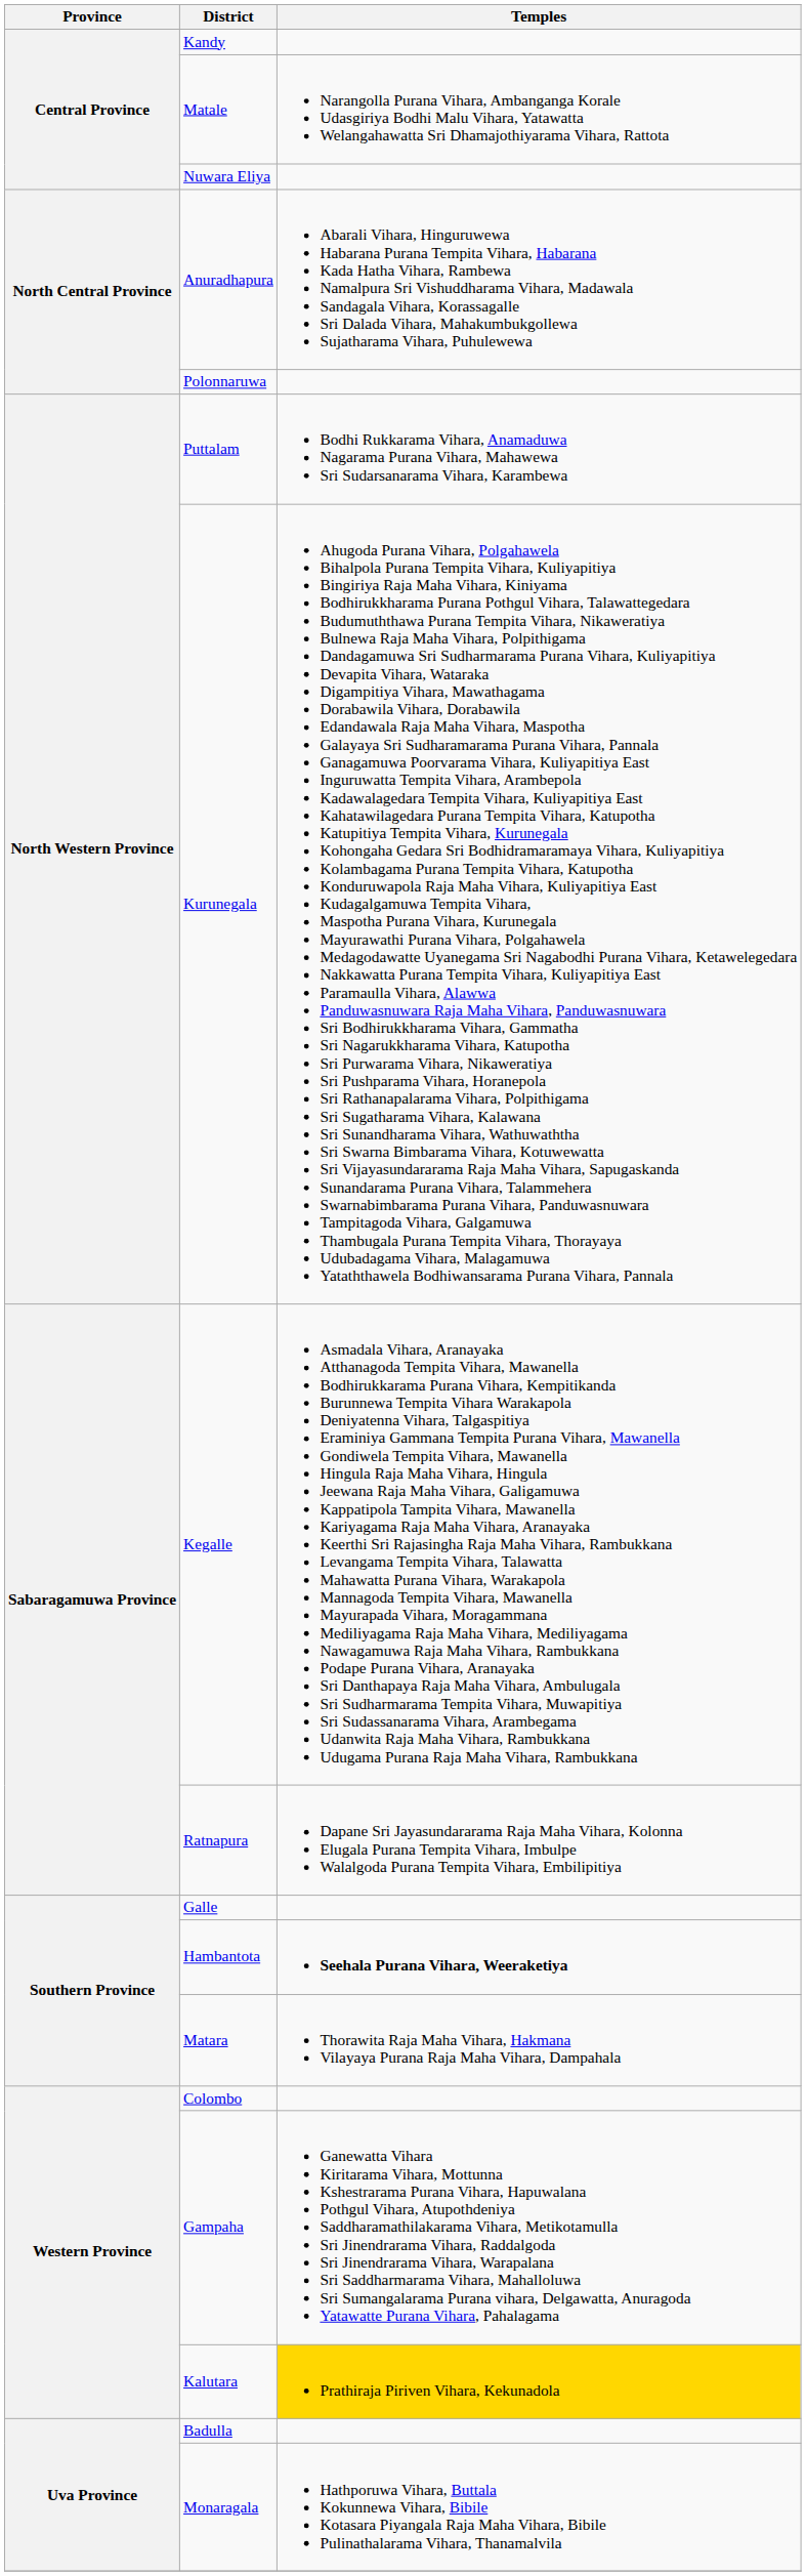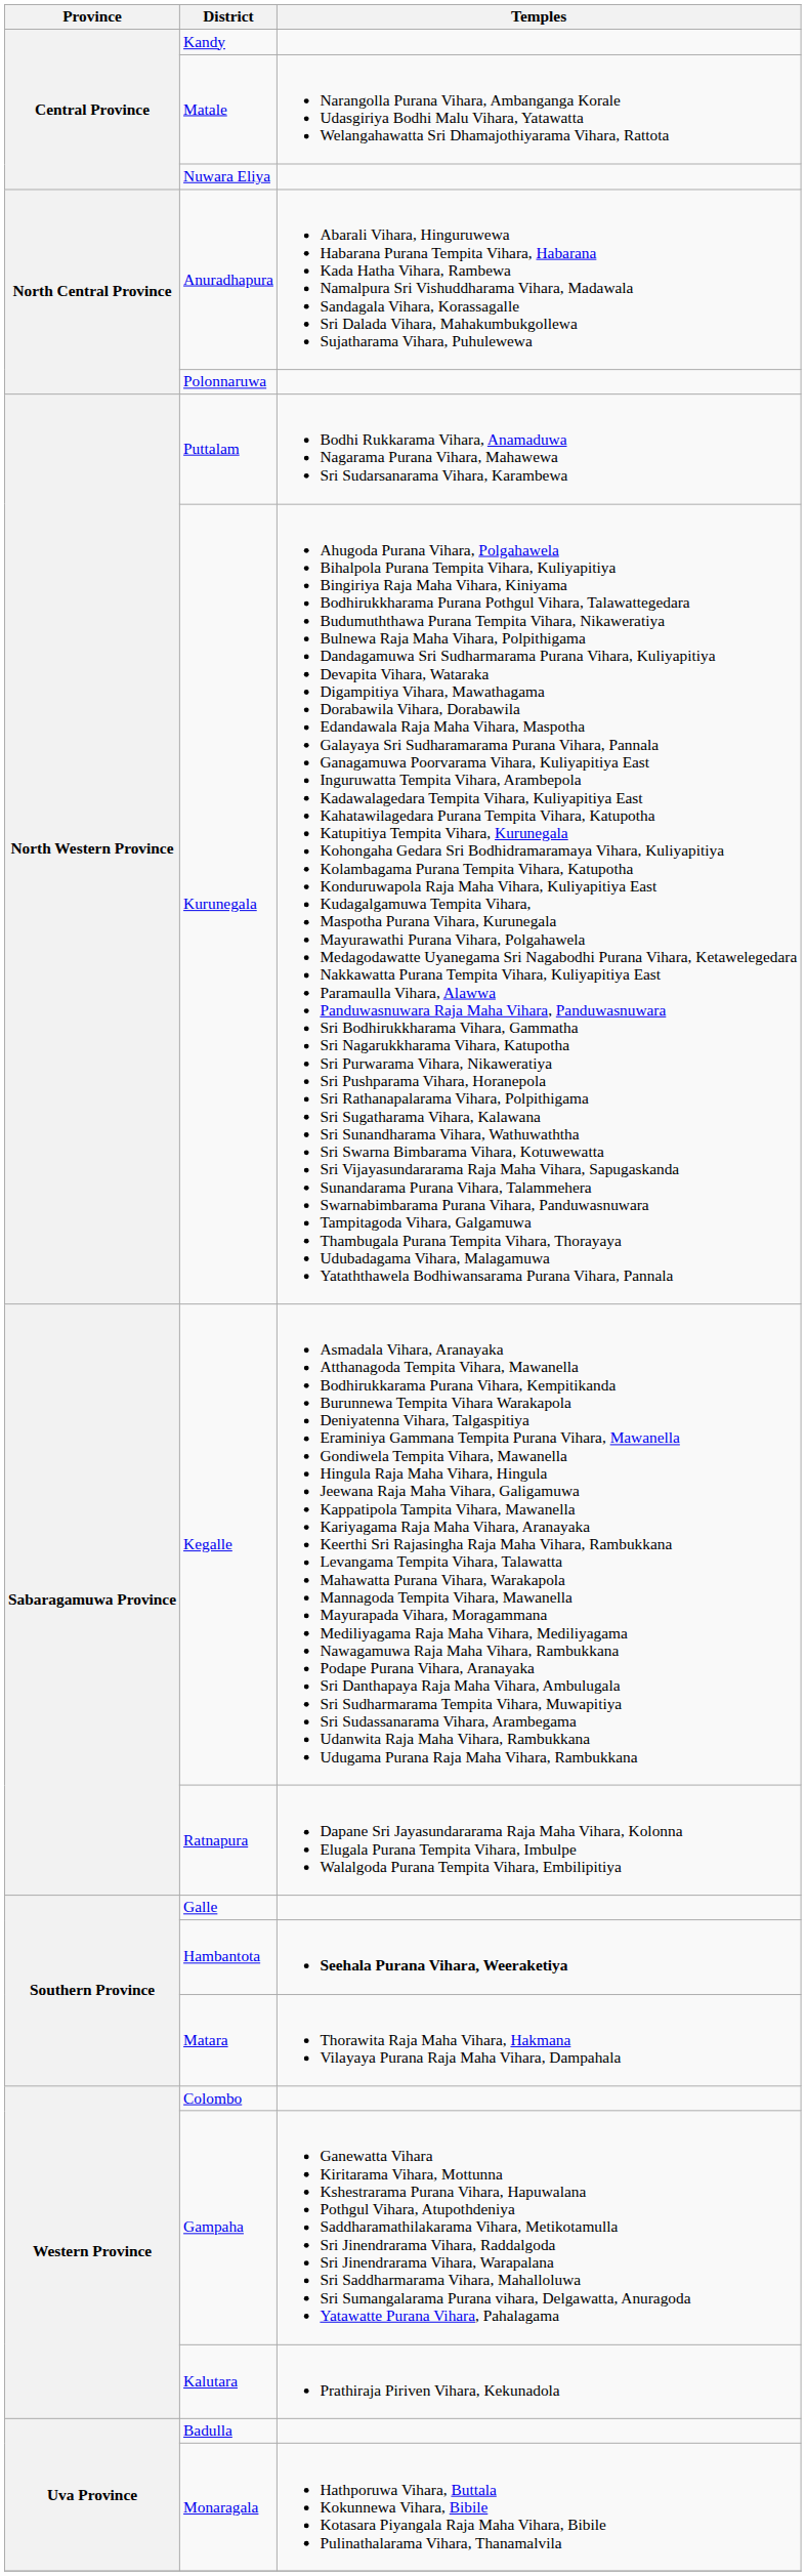 <table class="wikitable sortable plainrowheaders" style="text-align:left;">
 <tr>
 <th scope="col">Province</th>
 <th scope="col">District</th>
 <th scope="col">Temples</th>
 </tr>
 <tr>
 <th rowspan="3">Central Province</th>
 <td><a href='#'>Kandy</a></td>
 <td></td>
 </tr>
 <tr>
 <td><a href='#'>Matale</a></td>
 <td><br><ul><li>Narangolla Purana Vihara, Ambanganga Korale</li><li>Udasgiriya Bodhi Malu Vihara, Yatawatta</li><li>Welangahawatta Sri Dhamajothiyarama Vihara, Rattota</li></ul></td>
 </tr>
 <tr>
 <td><a href='#'>Nuwara Eliya</a></td>
 <td></td>
 </tr>
 <tr>
 <th rowspan="2">North Central Province</th>
 <td><a href='#'>Anuradhapura</a></td>
 <td><br><ul><li>Abarali Vihara, Hinguruwewa</li><li>Habarana Purana Tempita Vihara, <a href='#'>Habarana</a></li><li>Kada Hatha Vihara, Rambewa</li><li>Namalpura Sri Vishuddharama Vihara, Madawala</li><li>Sandagala Vihara, Korassagalle</li><li>Sri Dalada Vihara, Mahakumbukgollewa</li><li>Sujatharama Vihara, Puhulewewa</li></ul></td>
 </tr>
 <tr>
 <td><a href='#'>Polonnaruwa</a></td>
 <td></td>
 </tr>
 <tr>
 <th rowspan="2">North Western Province</th>
 <td><a href='#'>Puttalam</a></td>
 <td><br><ul><li>Bodhi Rukkarama Vihara, <a href='#'>Anamaduwa</a></li><li>Nagarama Purana Vihara, Mahawewa</li><li>Sri Sudarsanarama Vihara, Karambewa</li></ul></td>
 </tr>
 <tr>
 <td><a href='#'>Kurunegala</a></td>
 <td><br><ul><li>Ahugoda Purana Vihara, <a href='#'>Polgahawela</a></li><li>Bihalpola Purana Tempita Vihara, Kuliyapitiya</li><li>Bingiriya Raja Maha Vihara, Kiniyama</li><li>Bodhirukkharama Purana Pothgul Vihara, Talawattegedara</li><li>Budumuththawa Purana Tempita Vihara, Nikaweratiya</li><li>Bulnewa Raja Maha Vihara, Polpithigama</li><li>Dandagamuwa Sri Sudharmarama Purana Vihara, Kuliyapitiya</li><li>Devapita Vihara, Wataraka</li><li>Digampitiya Vihara, Mawathagama</li><li>Dorabawila Vihara, Dorabawila</li><li>Edandawala Raja Maha Vihara, Maspotha</li><li>Galayaya Sri Sudharamarama Purana Vihara, Pannala</li><li>Ganagamuwa Poorvarama Vihara, Kuliyapitiya East</li><li>Inguruwatta Tempita Vihara, Arambepola</li><li>Kadawalagedara Tempita Vihara, Kuliyapitiya East</li><li>Kahatawilagedara Purana Tempita Vihara, Katupotha</li><li>Katupitiya Tempita Vihara, <a href='#'>Kurunegala</a></li><li>Kohongaha Gedara Sri Bodhidramaramaya Vihara, Kuliyapitiya</li><li>Kolambagama Purana Tempita Vihara, Katupotha</li><li>Konduruwapola Raja Maha Vihara, Kuliyapitiya East</li><li>Kudagalgamuwa Tempita Vihara,</li><li>Maspotha Purana Vihara, Kurunegala</li><li>Mayurawathi Purana Vihara, Polgahawela</li><li>Medagodawatte Uyanegama Sri Nagabodhi Purana Vihara, Ketawelegedara</li><li>Nakkawatta Purana Tempita Vihara, Kuliyapitiya East</li><li>Paramaulla Vihara, <a href='#'>Alawwa</a></li><li><a href='#'>Panduwasnuwara Raja Maha Vihara</a>, <a href='#'>Panduwasnuwara</a></li><li>Sri Bodhirukkharama Vihara, Gammatha</li><li>Sri Nagarukkharama Vihara, Katupotha</li><li>Sri Purwarama Vihara, Nikaweratiya</li><li>Sri Pushparama Vihara, Horanepola</li><li>Sri Rathanapalarama Vihara, Polpithigama</li><li>Sri Sugatharama Vihara, Kalawana</li><li>Sri Sunandharama Vihara, Wathuwaththa</li><li>Sri Swarna Bimbarama Vihara, Kotuwewatta</li><li>Sri Vijayasundararama Raja Maha Vihara, Sapugaskanda</li><li>Sunandarama Purana Vihara, Talammehera</li><li>Swarnabimbarama Purana Vihara, Panduwasnuwara</li><li>Tampitagoda Vihara, Galgamuwa</li><li>Thambugala Purana Tempita Vihara, Thorayaya</li><li>Udubadagama Vihara, Malagamuwa</li><li>Yataththawela Bodhiwansarama Purana Vihara, Pannala</li></ul></td>
 </tr>
 <tr>
 <th rowspan="2">Sabaragamuwa Province</th>
 <td><a href='#'>Kegalle</a></td>
 <td><br><ul><li>Asmadala Vihara, Aranayaka</li><li>Atthanagoda Tempita Vihara, Mawanella</li><li>Bodhirukkarama Purana Vihara, Kempitikanda</li><li>Burunnewa Tempita Vihara Warakapola</li><li>Deniyatenna Vihara, Talgaspitiya</li><li>Eraminiya Gammana Tempita Purana Vihara, <a href='#'>Mawanella</a></li><li>Gondiwela Tempita Vihara, Mawanella</li><li>Hingula Raja Maha Vihara, Hingula</li><li>Jeewana Raja Maha Vihara, Galigamuwa</li><li>Kappatipola Tampita Vihara, Mawanella</li><li>Kariyagama Raja Maha Vihara, Aranayaka</li><li>Keerthi Sri Rajasingha Raja Maha Vihara, Rambukkana</li><li>Levangama Tempita Vihara, Talawatta</li><li>Mahawatta Purana Vihara, Warakapola</li><li>Mannagoda Tempita Vihara, Mawanella</li><li>Mayurapada Vihara, Moragammana</li><li>Mediliyagama Raja Maha Vihara, Mediliyagama</li><li>Nawagamuwa Raja Maha Vihara, Rambukkana</li><li>Podape Purana Vihara, Aranayaka</li><li>Sri Danthapaya Raja Maha Vihara, Ambulugala</li><li>Sri Sudharmarama Tempita Vihara, Muwapitiya</li><li>Sri Sudassanarama Vihara, Arambegama</li><li>Udanwita Raja Maha Vihara, Rambukkana</li><li>Udugama Purana Raja Maha Vihara, Rambukkana</li></ul></td>
 </tr>
 <tr>
 <td><a href='#'>Ratnapura</a></td>
 <td><br><ul><li>Dapane Sri Jayasundararama Raja Maha Vihara, Kolonna</li><li>Elugala Purana Tempita Vihara, Imbulpe</li><li>Walalgoda Purana Tempita Vihara, Embilipitiya</li></ul></td>
 </tr>
 <tr>
 <th rowspan="3">Southern Province</th>
 <td><a href='#'>Galle</a></td>
 <td></td>
 </tr>
 <tr>
 <td><a href='#'>Hambantota</a></td>
 <td><strong><br><ul><li>Seehala Purana Vihara, Weeraketiya</li></ul></strong></td>
 </tr>
 <tr>
 <td><a href='#'>Matara</a></td>
 <td><br><ul><li>Thorawita Raja Maha Vihara, <a href='#'>Hakmana</a></li><li>Vilayaya Purana Raja Maha Vihara, Dampahala</li></ul></td>
 </tr>
 <tr>
 <th rowspan="3">Western Province</th>
 <td><a href='#'>Colombo</a></td>
 <td></td>
 </tr>
 <tr>
 <td><a href='#'>Gampaha</a></td>
 <td><br><ul><li>Ganewatta Vihara</li><li>Kiritarama Vihara, Mottunna</li><li>Kshestrarama Purana Vihara, Hapuwalana</li><li>Pothgul Vihara, Atupothdeniya</li><li>Saddharamathilakarama Vihara, Metikotamulla</li><li>Sri Jinendrarama Vihara, Raddalgoda</li><li>Sri Jinendrarama Vihara, Warapalana</li><li>Sri Saddharmarama Vihara, Mahalloluwa</li><li>Sri Sumangalarama Purana vihara, Delgawatta, Anuragoda</li><li><a href='#'>Yatawatte Purana Vihara</a>, Pahalagama</li></ul></td>
 </tr>
 <tr>
 <td><a href='#'>Kalutara</a></td>
-<td style="background: gold;"><br><ul><li>Prathiraja Piriven Vihara, Kekunadola</li></ul></td>
+<td><br><ul><li>Prathiraja Piriven Vihara, Kekunadola</li></ul></td>
 </tr>
 <tr>
 <th rowspan="2">Uva Province</th>
 <td><a href='#'>Badulla</a></td>
 <td></td>
 </tr>
 <tr>
 <td><a href='#'>Monaragala</a></td>
 <td><br><ul><li>Hathporuwa Vihara, <a href='#'>Buttala</a></li><li>Kokunnewa Vihara, <a href='#'>Bibile</a></li><li>Kotasara Piyangala Raja Maha Vihara, Bibile</li><li>Pulinathalarama Vihara, Thanamalvila</li></ul></td>
 </tr>
 <tr>
 </tr>
 </table>
